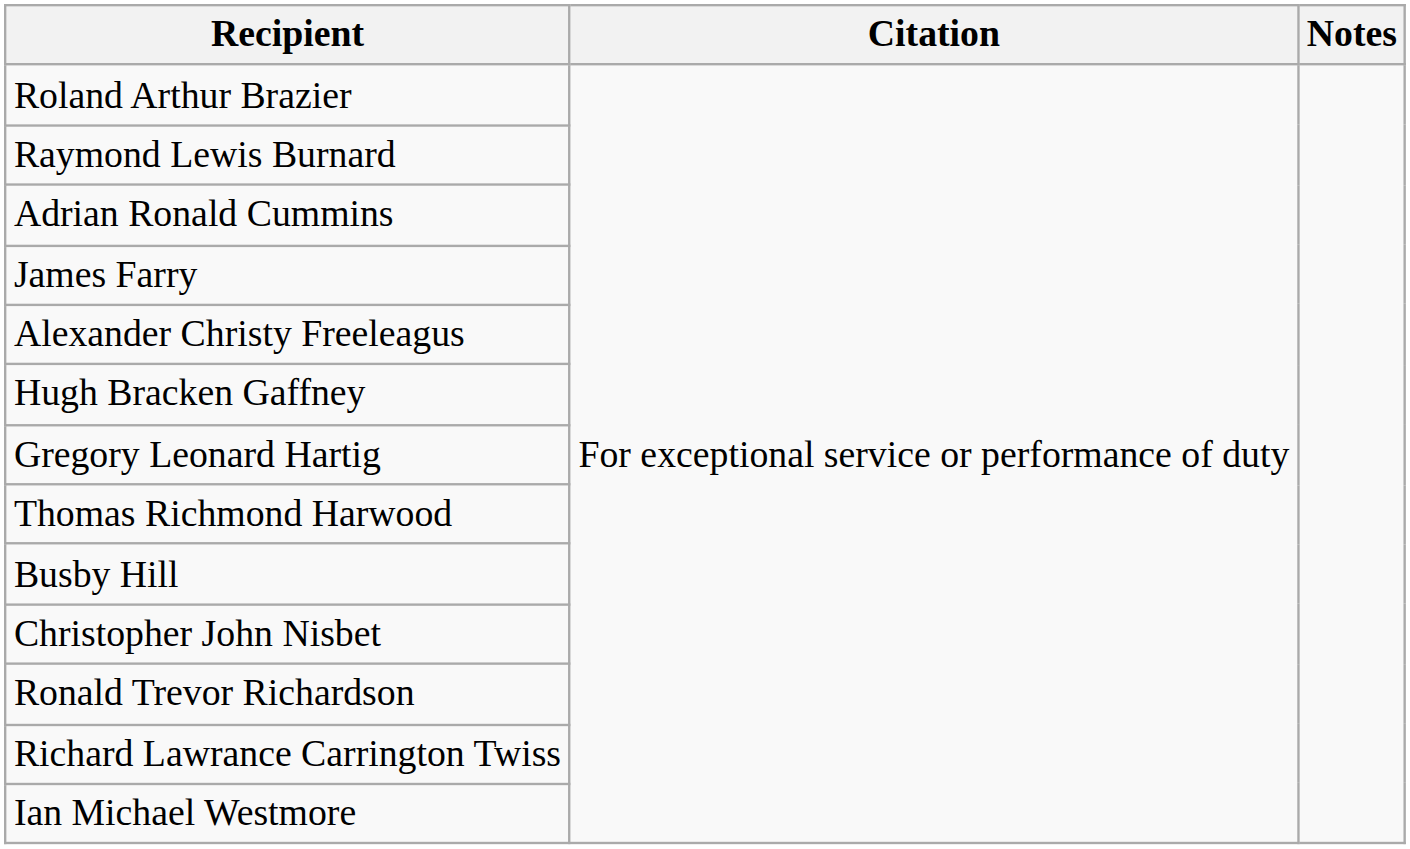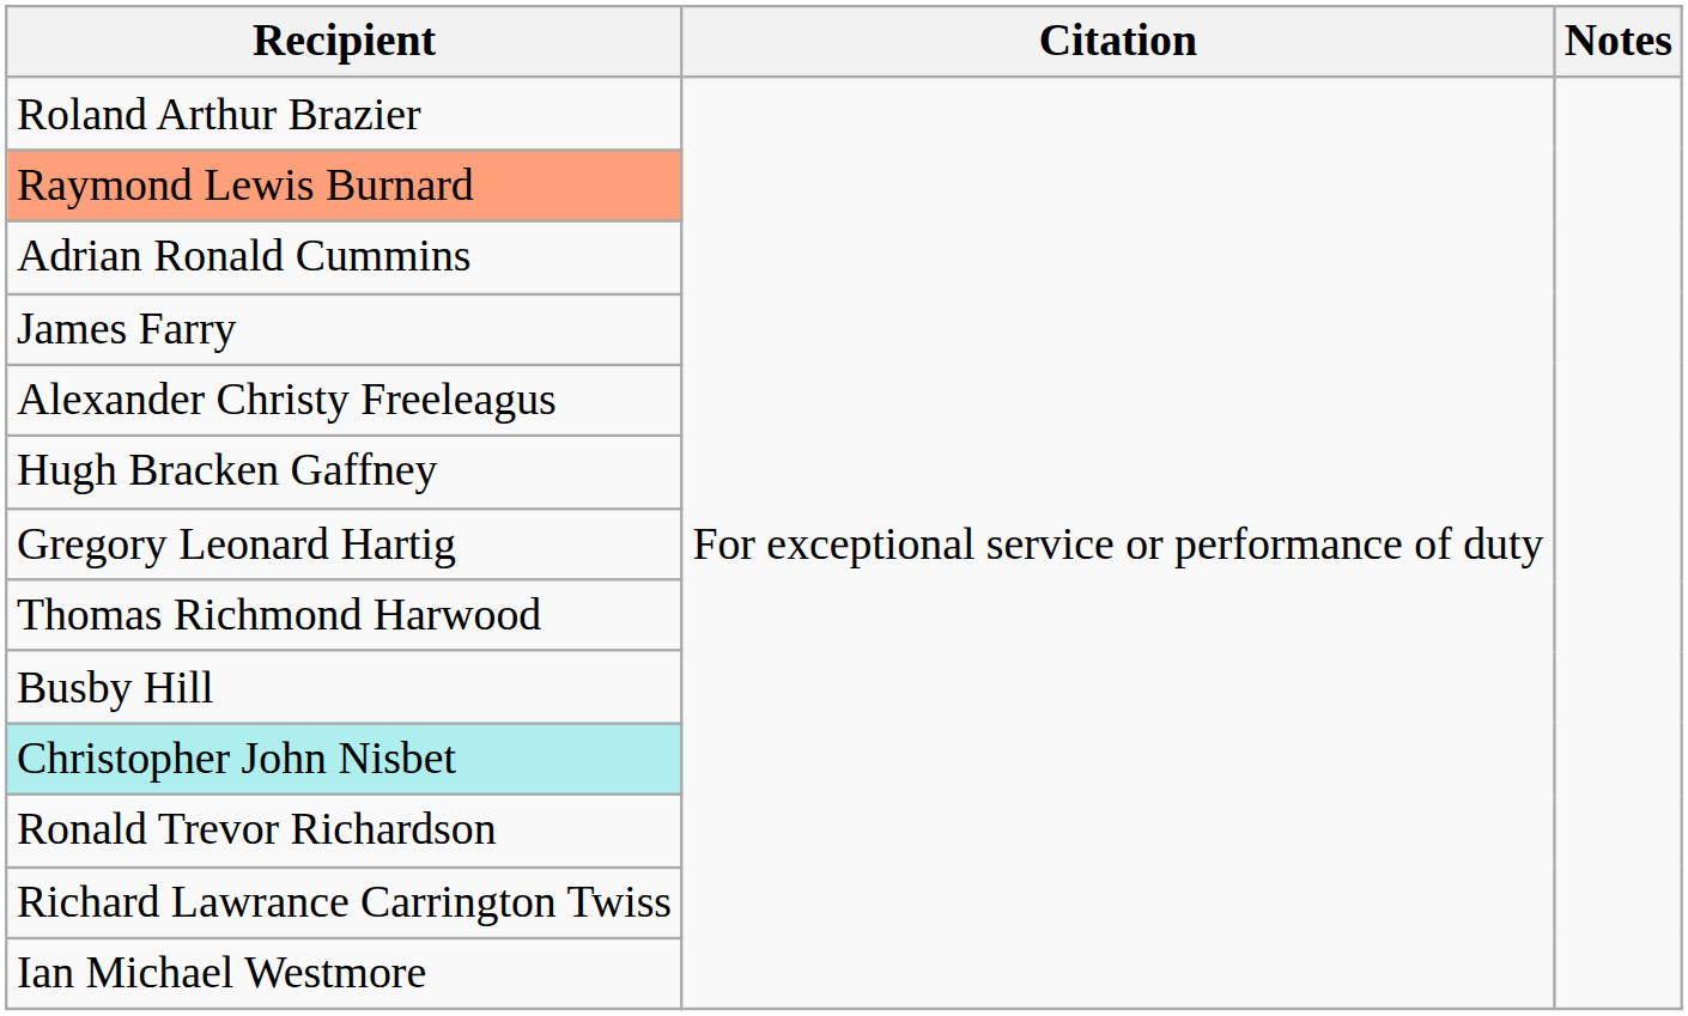 <table class=wikitable>
 <tr>
 <th>Recipient</th>
 <th>Citation</th>
 <th>Notes</th>
 </tr>
 <tr>
 <td> Roland Arthur Brazier</td>
 <td rowspan=13>For exceptional service or performance of duty</td>
 <td rowspan=13></td>
 </tr>
 <tr>
-<td> Raymond Lewis Burnard</td>
+<td style="background: lightsalmon;"> Raymond Lewis Burnard</td>
 </tr>
 <tr>
 <td> Adrian Ronald Cummins</td>
 </tr>
 <tr>
 <td> James Farry</td>
 </tr>
 <tr>
 <td> Alexander Christy Freeleagus</td>
 </tr>
 <tr>
 <td> Hugh Bracken Gaffney</td>
 </tr>
 <tr>
 <td> Gregory Leonard Hartig</td>
 </tr>
 <tr>
 <td> Thomas Richmond Harwood</td>
 </tr>
 <tr>
 <td> Busby Hill</td>
 </tr>
 <tr>
-<td> Christopher John Nisbet</td>
+<td style="background: paleturquoise;"> Christopher John Nisbet</td>
 </tr>
 <tr>
 <td> Ronald Trevor Richardson</td>
 </tr>
 <tr>
 <td> Richard Lawrance Carrington Twiss</td>
 </tr>
 <tr>
 <td> Ian Michael Westmore</td>
 </tr>
 </table>
